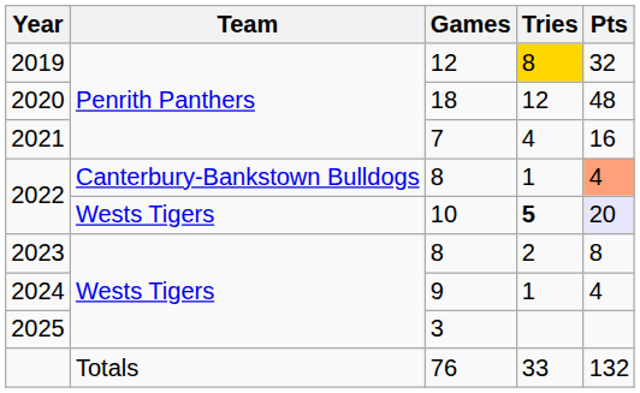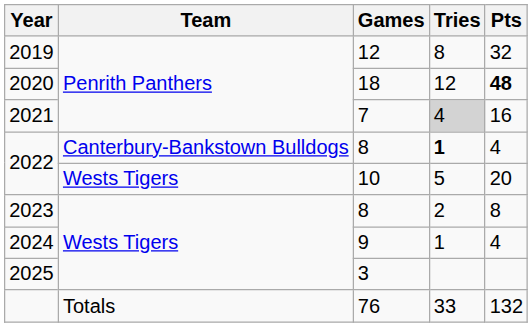 <table class="wikitable">
 <tr>
 <th>Year</th>
 <th>Team</th>
 <th>Games</th>
 <th>Tries</th>
 <th>Pts</th>
 </tr>
 <tr>
 <td>2019</td>
 <td rowspan="3"> <a href='#'>Penrith Panthers</a></td>
 <td>12</td>
-<td style="background: gold;">8</td>
+<td>8</td>
 <td>32</td>
 </tr>
 <tr>
 <td>2020</td>
 <td>18</td>
 <td>12</td>
-<td>48</td>
+<td><strong>48</strong></td>
 </tr>
 <tr>
 <td>2021</td>
 <td>7</td>
-<td>4</td>
+<td style="background: lightgrey;">4</td>
 <td>16</td>
 </tr>
 <tr>
 <td rowspan="2">2022</td>
 <td> <a href='#'>Canterbury-Bankstown Bulldogs</a></td>
 <td>8</td>
-<td>1</td>
-<td style="background: lightsalmon;">4</td>
+<td><strong>1</strong></td>
+<td>4</td>
 </tr>
 <tr>
 <td> <a href='#'>Wests Tigers</a></td>
 <td>10</td>
-<td><strong>5</strong></td>
-<td style="background: lavender;">20</td>
+<td>5</td>
+<td>20</td>
 </tr>
 <tr>
 <td>2023</td>
 <td rowspan="3"> <a href='#'>Wests Tigers</a></td>
 <td>8</td>
 <td>2</td>
 <td>8</td>
 </tr>
 <tr>
 <td>2024</td>
 <td>9</td>
 <td>1</td>
 <td>4</td>
 </tr>
 <tr>
 <td>2025</td>
 <td>3</td>
 <td></td>
 <td></td>
 </tr>
 <tr>
 <td></td>
 <td>Totals</td>
 <td>76</td>
 <td>33</td>
 <td>132</td>
 </tr>
 </table>
